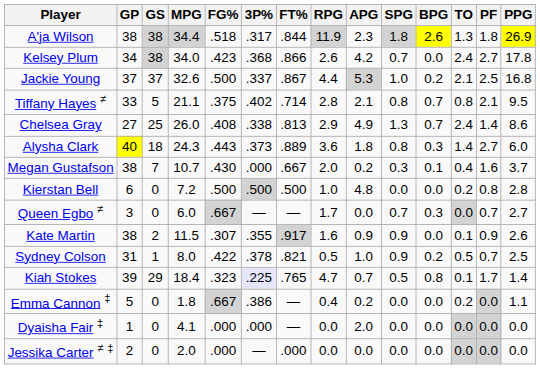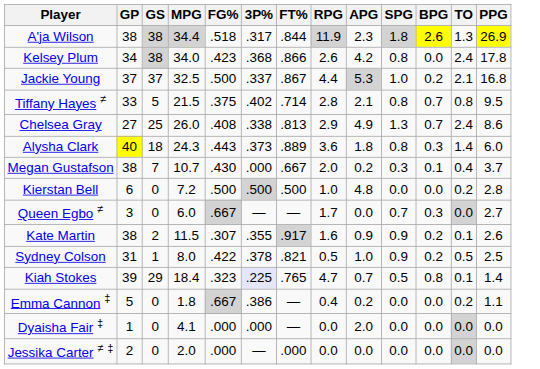 <table class="wikitable sortable" style="text-align:center;">
 <tr>
 <th>Player</th>
 <th>GP</th>
 <th>GS</th>
 <th>MPG</th>
 <th>FG%</th>
 <th>3P%</th>
 <th>FT%</th>
 <th>RPG</th>
 <th>APG</th>
 <th>SPG</th>
 <th>BPG</th>
 <th>TO</th>
-<th>PF</th>
 <th>PPG</th>
 </tr>
 <tr>
 <td><a href='#'>A'ja Wilson</a></td>
 <td>38</td>
 <td style="background:#D3D3D3;">38</td>
 <td style="background:#D3D3D3;">34.4</td>
 <td>.518</td>
 <td>.317</td>
 <td>.844</td>
 <td style="background:#D3D3D3;">11.9</td>
 <td>2.3</td>
 <td style="background:#D3D3D3;">1.8</td>
 <td style="background:yellow;">2.6</td>
 <td>1.3</td>
-<td>1.8</td>
 <td style="background:yellow;">26.9</td>
 </tr>
 <tr>
 <td><a href='#'>Kelsey Plum</a></td>
 <td>34</td>
 <td style="background:#D3D3D3;">38</td>
 <td>34.0</td>
 <td>.423</td>
 <td>.368</td>
 <td>.866</td>
 <td>2.6</td>
 <td>4.2</td>
-<td>0.7</td>
+<td>0.8</td>
 <td>0.0</td>
 <td>2.4</td>
-<td>2.7</td>
 <td>17.8</td>
 </tr>
 <tr>
 <td><a href='#'>Jackie Young</a></td>
 <td>37</td>
 <td>37</td>
-<td>32.6</td>
+<td>32.5</td>
 <td>.500</td>
 <td>.337</td>
 <td>.867</td>
 <td>4.4</td>
 <td style="background:#D3D3D3;">5.3</td>
 <td>1.0</td>
 <td>0.2</td>
 <td>2.1</td>
-<td>2.5</td>
 <td>16.8</td>
 </tr>
 <tr>
 <td><a href='#'>Tiffany Hayes</a> <sup>≠</sup></td>
 <td>33</td>
 <td>5</td>
-<td>21.1</td>
+<td>21.5</td>
 <td>.375</td>
 <td>.402</td>
 <td>.714</td>
 <td>2.8</td>
 <td>2.1</td>
 <td>0.8</td>
 <td>0.7</td>
 <td>0.8</td>
-<td>2.1</td>
 <td>9.5</td>
 </tr>
 <tr>
 <td><a href='#'>Chelsea Gray</a></td>
 <td>27</td>
 <td>25</td>
 <td>26.0</td>
 <td>.408</td>
 <td>.338</td>
 <td>.813</td>
 <td>2.9</td>
 <td>4.9</td>
 <td>1.3</td>
 <td>0.7</td>
 <td>2.4</td>
-<td>1.4</td>
 <td>8.6</td>
 </tr>
 <tr>
 <td><a href='#'>Alysha Clark</a></td>
 <td style="background:yellow;">40</td>
 <td>18</td>
 <td>24.3</td>
 <td>.443</td>
 <td>.373</td>
 <td>.889</td>
 <td>3.6</td>
 <td>1.8</td>
 <td>0.8</td>
 <td>0.3</td>
 <td>1.4</td>
-<td>2.7</td>
 <td>6.0</td>
 </tr>
 <tr>
 <td><a href='#'>Megan Gustafson</a></td>
 <td>38</td>
 <td>7</td>
 <td>10.7</td>
 <td>.430</td>
 <td>.000</td>
 <td>.667</td>
 <td>2.0</td>
 <td>0.2</td>
 <td>0.3</td>
 <td>0.1</td>
 <td>0.4</td>
-<td>1.6</td>
 <td>3.7</td>
 </tr>
 <tr>
 <td><a href='#'>Kierstan Bell</a></td>
 <td>6</td>
 <td>0</td>
 <td>7.2</td>
 <td>.500</td>
 <td style="background:#D3D3D3;">.500</td>
 <td>.500</td>
 <td>1.0</td>
 <td>4.8</td>
 <td>0.0</td>
 <td>0.0</td>
 <td>0.2</td>
-<td>0.8</td>
 <td>2.8</td>
 </tr>
 <tr>
 <td><a href='#'>Queen Egbo</a> <sup>≠</sup></td>
 <td>3</td>
 <td>0</td>
 <td>6.0</td>
 <td style="background:#D3D3D3;">.667</td>
 <td>—</td>
 <td>—</td>
 <td>1.7</td>
 <td>0.0</td>
 <td>0.7</td>
 <td>0.3</td>
 <td style="background:#D3D3D3;">0.0</td>
-<td>0.7</td>
 <td>2.7</td>
 </tr>
 <tr>
 <td><a href='#'>Kate Martin</a></td>
 <td>38</td>
 <td>2</td>
 <td>11.5</td>
 <td>.307</td>
 <td>.355</td>
 <td style="background:#D3D3D3;">.917</td>
 <td>1.6</td>
 <td>0.9</td>
 <td>0.9</td>
-<td>0.0</td>
+<td>0.2</td>
 <td>0.1</td>
-<td>0.9</td>
 <td>2.6</td>
 </tr>
 <tr>
 <td><a href='#'>Sydney Colson</a></td>
 <td>31</td>
 <td>1</td>
 <td>8.0</td>
 <td>.422</td>
 <td>.378</td>
 <td>.821</td>
 <td>0.5</td>
 <td>1.0</td>
 <td>0.9</td>
 <td>0.2</td>
 <td>0.5</td>
-<td>0.7</td>
 <td>2.5</td>
 </tr>
 <tr>
 <td><a href='#'>Kiah Stokes</a></td>
 <td>39</td>
 <td>29</td>
 <td>18.4</td>
 <td>.323</td>
 <td style="background: lavender;">.225</td>
 <td>.765</td>
 <td>4.7</td>
 <td>0.7</td>
 <td>0.5</td>
 <td>0.8</td>
 <td>0.1</td>
-<td>1.7</td>
 <td>1.4</td>
 </tr>
 <tr>
 <td><a href='#'>Emma Cannon</a> <sup>‡</sup></td>
 <td>5</td>
 <td>0</td>
 <td>1.8</td>
 <td style="background:#D3D3D3;">.667</td>
 <td>.386</td>
 <td>—</td>
 <td>0.4</td>
 <td>0.2</td>
 <td>0.0</td>
 <td>0.0</td>
 <td>0.2</td>
-<td style="background:#D3D3D3;">0.0</td>
 <td>1.1</td>
 </tr>
 <tr>
 <td><a href='#'>Dyaisha Fair</a> <sup>‡</sup></td>
 <td>1</td>
 <td>0</td>
 <td>4.1</td>
 <td>.000</td>
 <td>.000</td>
 <td>—</td>
 <td>0.0</td>
 <td>2.0</td>
 <td>0.0</td>
 <td>0.0</td>
-<td style="background:#D3D3D3;">0.0</td>
 <td style="background:#D3D3D3;">0.0</td>
 <td>0.0</td>
 </tr>
 <tr>
 <td><a href='#'>Jessika Carter</a> <sup>≠</sup> <sup>‡</sup></td>
 <td>2</td>
 <td>0</td>
 <td>2.0</td>
 <td>.000</td>
 <td>—</td>
 <td>.000</td>
 <td>0.0</td>
 <td>0.0</td>
 <td>0.0</td>
 <td>0.0</td>
 <td style="background:#D3D3D3;">0.0</td>
-<td style="background:#D3D3D3;">0.0</td>
 <td>0.0</td>
 </tr>
 </table>
